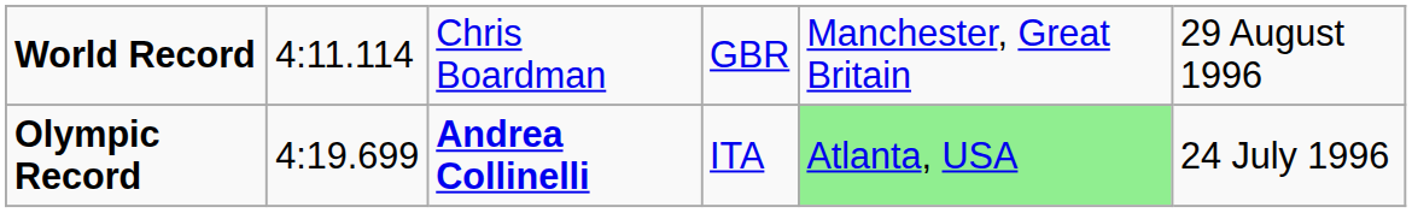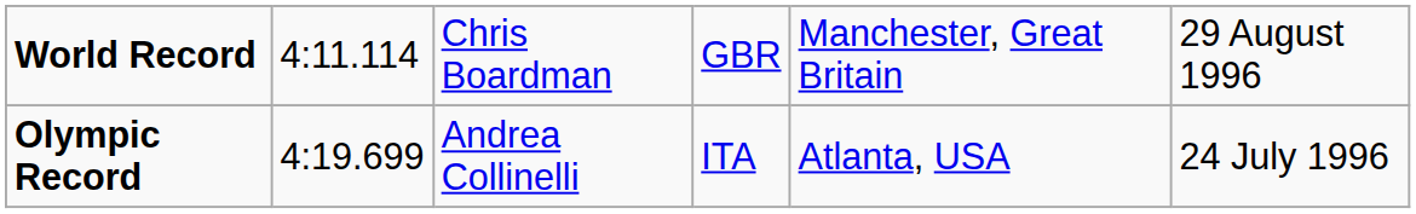 <table class="wikitable">
 <tr>
 <td><strong>World Record</strong></td>
 <td>4:11.114</td>
 <td><a href='#'>Chris Boardman</a></td>
 <td><a href='#'>GBR</a></td>
 <td><a href='#'>Manchester</a>, <a href='#'>Great Britain</a></td>
 <td>29 August 1996</td>
 </tr>
 <tr>
 <td><strong>Olympic Record</strong></td>
 <td>4:19.699</td>
-<td><strong><a href='#'>Andrea Collinelli</a></strong></td>
+<td><a href='#'>Andrea Collinelli</a></td>
 <td><a href='#'>ITA</a></td>
-<td style="background: lightgreen;"><a href='#'>Atlanta</a>, <a href='#'>USA</a></td>
+<td><a href='#'>Atlanta</a>, <a href='#'>USA</a></td>
 <td>24 July 1996</td>
 </tr>
 </table>
